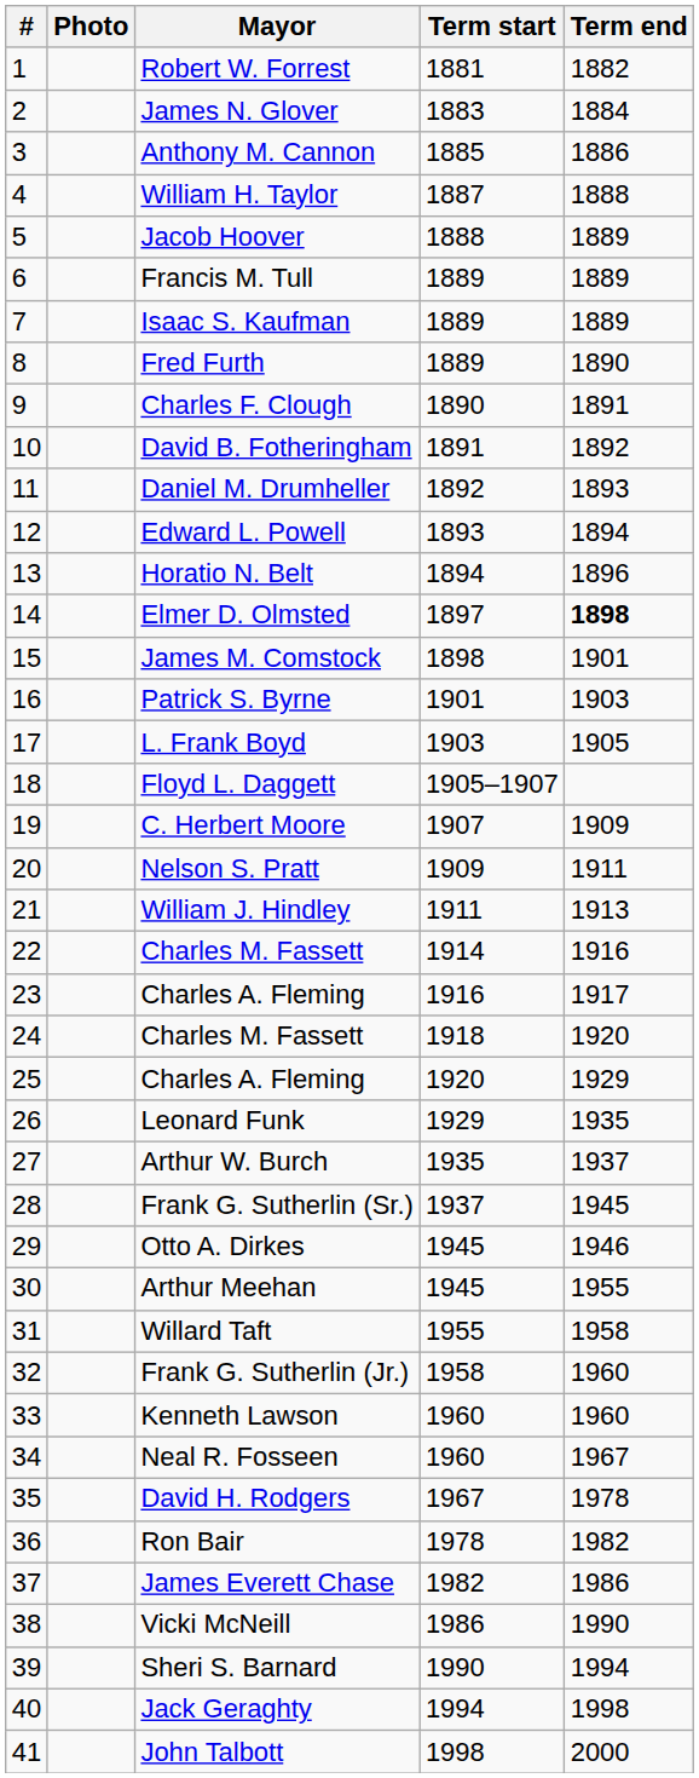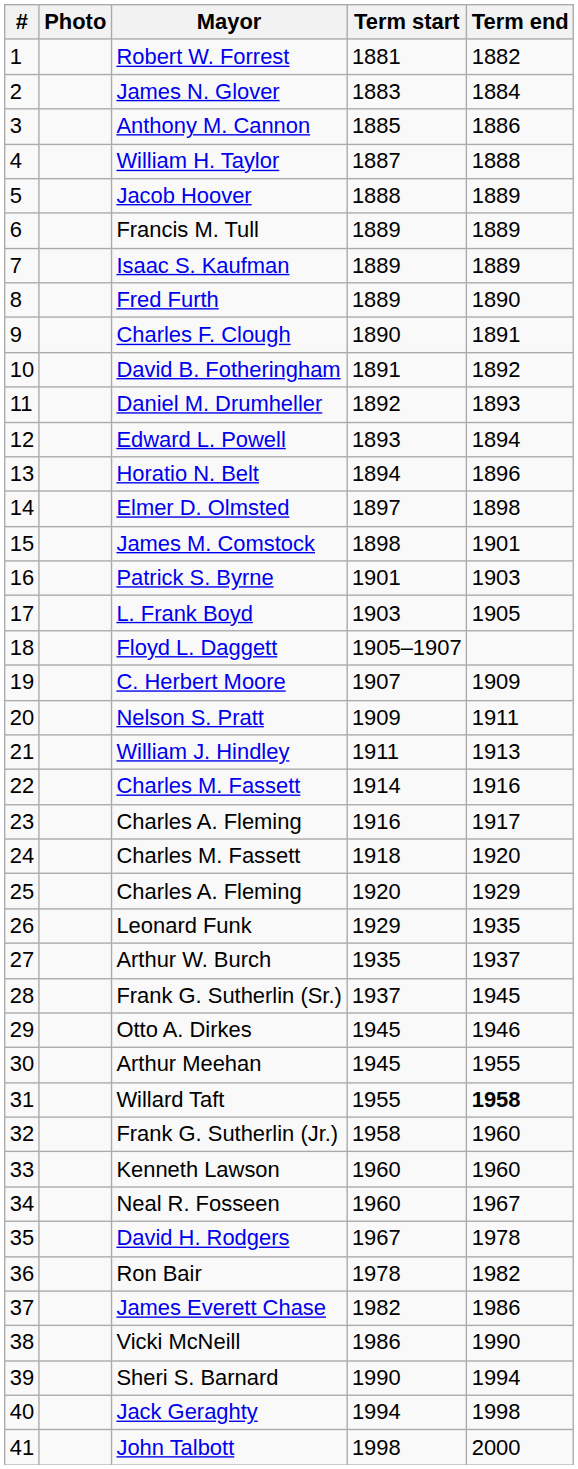 <table class="wikitable">
 <tr>
 <th>#</th>
 <th>Photo</th>
 <th>Mayor</th>
 <th>Term start</th>
 <th>Term end</th>
 </tr>
 <tr>
 <td>1</td>
 <td></td>
 <td><a href='#'>Robert W. Forrest</a></td>
 <td>1881</td>
 <td>1882</td>
 </tr>
 <tr>
 <td>2</td>
 <td></td>
 <td><a href='#'>James N. Glover</a></td>
 <td>1883</td>
 <td>1884</td>
 </tr>
 <tr>
 <td>3</td>
 <td></td>
 <td><a href='#'>Anthony M. Cannon</a></td>
 <td>1885</td>
 <td>1886</td>
 </tr>
 <tr>
 <td>4</td>
 <td></td>
 <td><a href='#'>William H. Taylor</a></td>
 <td>1887</td>
 <td>1888</td>
 </tr>
 <tr>
 <td>5</td>
 <td></td>
 <td><a href='#'>Jacob Hoover</a></td>
 <td>1888</td>
 <td>1889</td>
 </tr>
 <tr>
 <td>6</td>
 <td></td>
 <td>Francis M. Tull</td>
 <td>1889</td>
 <td>1889</td>
 </tr>
 <tr>
 <td>7</td>
 <td></td>
 <td><a href='#'>Isaac S. Kaufman</a></td>
 <td>1889</td>
 <td>1889</td>
 </tr>
 <tr>
 <td>8</td>
 <td></td>
 <td><a href='#'>Fred Furth</a></td>
 <td>1889</td>
 <td>1890</td>
 </tr>
 <tr>
 <td>9</td>
 <td></td>
 <td><a href='#'>Charles F. Clough</a></td>
 <td>1890</td>
 <td>1891</td>
 </tr>
 <tr>
 <td>10</td>
 <td></td>
 <td><a href='#'>David B. Fotheringham</a></td>
 <td>1891</td>
 <td>1892</td>
 </tr>
 <tr>
 <td>11</td>
 <td></td>
 <td><a href='#'>Daniel M. Drumheller</a></td>
 <td>1892</td>
 <td>1893</td>
 </tr>
 <tr>
 <td>12</td>
 <td></td>
 <td><a href='#'>Edward L. Powell</a></td>
 <td>1893</td>
 <td>1894</td>
 </tr>
 <tr>
 <td>13</td>
 <td></td>
 <td><a href='#'>Horatio N. Belt</a></td>
 <td>1894</td>
 <td>1896</td>
 </tr>
 <tr>
 <td>14</td>
 <td></td>
 <td><a href='#'>Elmer D. Olmsted</a></td>
 <td>1897</td>
-<td><strong>1898</strong></td>
+<td>1898</td>
 </tr>
 <tr>
 <td>15</td>
 <td></td>
 <td><a href='#'>James M. Comstock</a></td>
 <td>1898</td>
 <td>1901</td>
 </tr>
 <tr>
 <td>16</td>
 <td></td>
 <td><a href='#'>Patrick S. Byrne</a></td>
 <td>1901</td>
 <td>1903</td>
 </tr>
 <tr>
 <td>17</td>
 <td></td>
 <td><a href='#'>L. Frank Boyd</a></td>
 <td>1903</td>
 <td>1905</td>
 </tr>
 <tr>
 <td>18</td>
 <td></td>
 <td><a href='#'>Floyd L. Daggett</a></td>
 <td>1905–1907</td>
 </tr>
 <tr>
 <td>19</td>
 <td></td>
 <td><a href='#'>C. Herbert Moore</a></td>
 <td>1907</td>
 <td>1909</td>
 </tr>
 <tr>
 <td>20</td>
 <td></td>
 <td><a href='#'>Nelson S. Pratt</a></td>
 <td>1909</td>
 <td>1911</td>
 </tr>
 <tr>
 <td>21</td>
 <td></td>
 <td><a href='#'>William J. Hindley</a></td>
 <td>1911</td>
 <td>1913</td>
 </tr>
 <tr>
 <td>22</td>
 <td></td>
 <td><a href='#'>Charles M. Fassett</a></td>
 <td>1914</td>
 <td>1916</td>
 </tr>
 <tr>
 <td>23</td>
 <td></td>
 <td>Charles A. Fleming</td>
 <td>1916</td>
 <td>1917</td>
 </tr>
 <tr>
 <td>24</td>
 <td></td>
 <td>Charles M. Fassett</td>
 <td>1918</td>
 <td>1920</td>
 </tr>
 <tr>
 <td>25</td>
 <td></td>
 <td>Charles A. Fleming</td>
 <td>1920</td>
 <td>1929</td>
 </tr>
 <tr>
 <td>26</td>
 <td></td>
 <td>Leonard Funk</td>
 <td>1929</td>
 <td>1935</td>
 </tr>
 <tr>
 <td>27</td>
 <td></td>
 <td>Arthur W. Burch</td>
 <td>1935</td>
 <td>1937</td>
 </tr>
 <tr>
 <td>28</td>
 <td></td>
 <td>Frank G. Sutherlin (Sr.)</td>
 <td>1937</td>
 <td>1945</td>
 </tr>
 <tr>
 <td>29</td>
 <td></td>
 <td>Otto A. Dirkes</td>
 <td>1945</td>
 <td>1946</td>
 </tr>
 <tr>
 <td>30</td>
 <td></td>
 <td>Arthur Meehan</td>
 <td>1945</td>
 <td>1955</td>
 </tr>
 <tr>
 <td>31</td>
 <td></td>
 <td>Willard Taft</td>
 <td>1955</td>
-<td>1958</td>
+<td><strong>1958</strong></td>
 </tr>
 <tr>
 <td>32</td>
 <td></td>
 <td>Frank G. Sutherlin (Jr.)</td>
 <td>1958</td>
 <td>1960</td>
 </tr>
 <tr>
 <td>33</td>
 <td></td>
 <td>Kenneth Lawson</td>
 <td>1960</td>
 <td>1960</td>
 </tr>
 <tr>
 <td>34</td>
 <td></td>
 <td>Neal R. Fosseen</td>
 <td>1960</td>
 <td>1967</td>
 </tr>
 <tr>
 <td>35</td>
 <td></td>
 <td><a href='#'>David H. Rodgers</a></td>
 <td>1967</td>
 <td>1978</td>
 </tr>
 <tr>
 <td>36</td>
 <td></td>
 <td>Ron Bair</td>
 <td>1978</td>
 <td>1982</td>
 </tr>
 <tr>
 <td>37</td>
 <td></td>
 <td><a href='#'>James Everett Chase</a></td>
 <td>1982</td>
 <td>1986</td>
 </tr>
 <tr>
 <td>38</td>
 <td></td>
 <td>Vicki McNeill</td>
 <td>1986</td>
 <td>1990</td>
 </tr>
 <tr>
 <td>39</td>
 <td></td>
 <td>Sheri S. Barnard</td>
 <td>1990</td>
 <td>1994</td>
 </tr>
 <tr>
 <td>40</td>
 <td></td>
 <td><a href='#'>Jack Geraghty</a></td>
 <td>1994</td>
 <td>1998</td>
 </tr>
 <tr>
 <td>41</td>
 <td></td>
 <td><a href='#'>John Talbott</a></td>
 <td>1998</td>
 <td>2000</td>
 </tr>
 </table>
